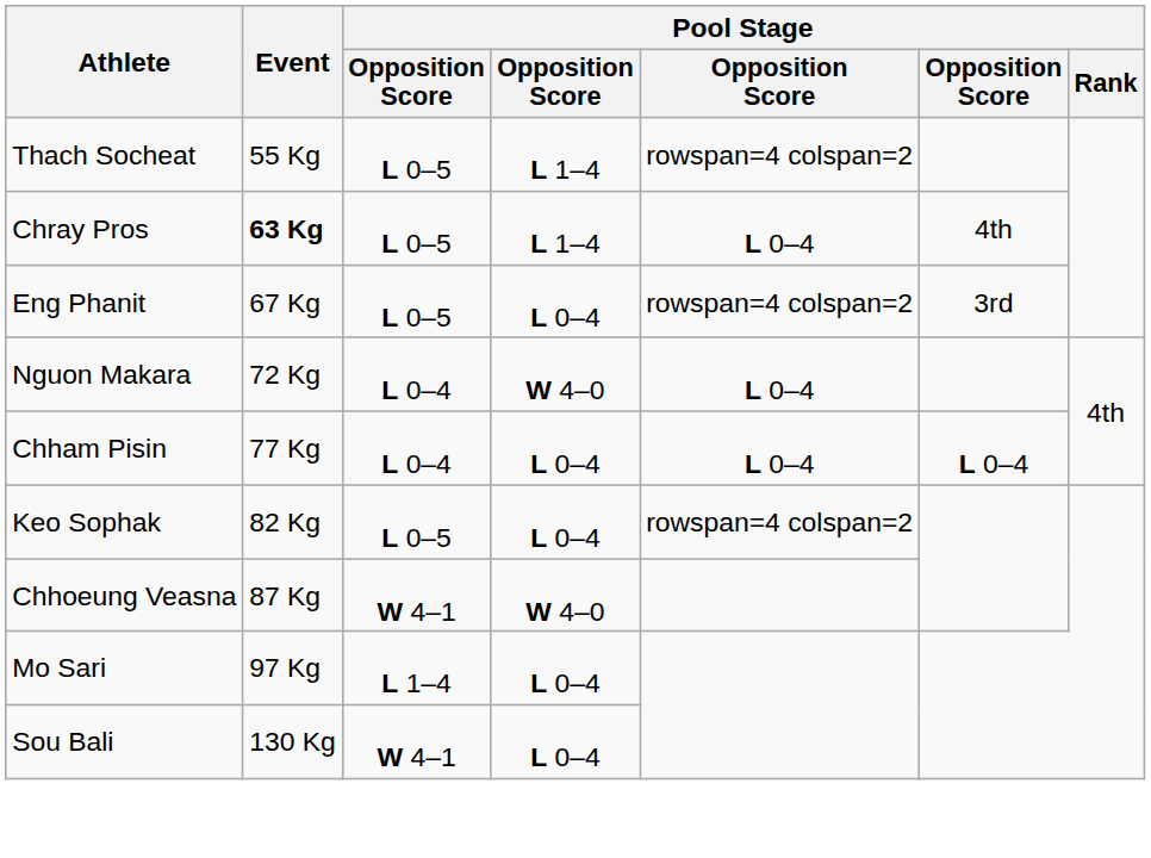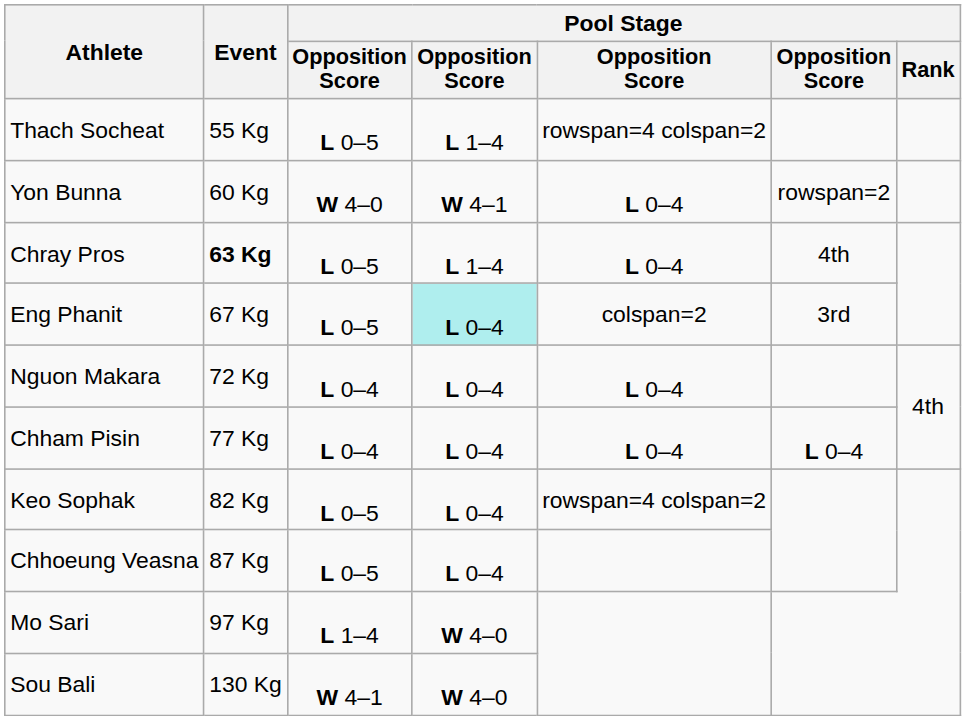 <table class="wikitable" style="font-size:90%">
 <tr>
 <th rowspan=2>Athlete</th>
 <th rowspan=2>Event</th>
 <th colspan=5>Pool Stage</th>
 </tr>
 <tr style="font-size:95%">
 <th>Opposition<br>Score</th>
 <th>Opposition<br>Score</th>
 <th>Opposition<br>Score</th>
 <th>Opposition<br>Score</th>
 <th>Rank</th>
 </tr>
 <tr align=center>
 <td align=left>Thach Socheat</td>
 <td align=left>55 Kg</td>
 <td><br><strong>L</strong> 0–5</td>
 <td><br><strong>L</strong> 1–4</td>
 <td>rowspan=4 colspan=2 </td>
 <td></td>
 </tr>
 <tr align=center>
+<td align=left>Yon Bunna</td>
+<td align=left>60 Kg</td>
+<td><br><strong>W</strong> 4–0</td>
+<td><br><strong>W</strong> 4–1</td>
+<td><br><strong>L</strong> 0–4</td>
+<td>rowspan=2 </td>
+<td></td>
+</tr>
+<tr align=center>
 <td align=left>Chray Pros</td>
 <td align=left><strong>63 Kg</strong></td>
 <td><br><strong>L</strong> 0–5</td>
 <td><br><strong>L</strong> 1–4</td>
 <td><br><strong>L</strong> 0–4</td>
 <td>4th</td>
 </tr>
 <tr align=center>
 <td align=left>Eng Phanit</td>
 <td align=left>67 Kg</td>
 <td><br><strong>L</strong> 0–5</td>
-<td><br><strong>L</strong> 0–4</td>
-<td>rowspan=4 colspan=2 </td>
+<td style="background: paleturquoise;"><br><strong>L</strong> 0–4</td>
+<td>colspan=2 </td>
 <td>3rd</td>
 </tr>
 <tr align=center>
 <td align=left>Nguon Makara</td>
 <td align=left>72 Kg</td>
 <td><br><strong>L</strong> 0–4</td>
-<td><br><strong>W</strong> 4–0</td>
+<td><br><strong>L</strong> 0–4</td>
 <td><br><strong>L</strong> 0–4</td>
 <td></td>
 <td rowspan=2>4th</td>
 </tr>
 <tr align=center>
 <td align=left>Chham Pisin</td>
 <td align=left>77 Kg</td>
 <td><br><strong>L</strong> 0–4</td>
 <td><br><strong>L</strong> 0–4</td>
 <td><br><strong>L</strong> 0–4</td>
 <td><br><strong>L</strong> 0–4</td>
 </tr>
 <tr align=center>
 <td align=left>Keo Sophak</td>
 <td align=left>82 Kg</td>
 <td><br><strong>L</strong> 0–5</td>
 <td><br><strong>L</strong> 0–4</td>
 <td>rowspan=4 colspan=2 </td>
 <td rowspan=2></td>
 </tr>
 <tr align=center>
 <td align=left>Chhoeung Veasna</td>
 <td align=left>87 Kg</td>
-<td><br><strong>W</strong> 4–1</td>
-<td><br><strong>W</strong> 4–0</td>
+<td><br><strong>L</strong> 0–5</td>
+<td><br><strong>L</strong> 0–4</td>
 </tr>
 <tr align=center>
 <td align=left>Mo Sari</td>
 <td align=left>97 Kg</td>
 <td><br><strong>L</strong> 1–4</td>
-<td><br><strong>L</strong> 0–4</td>
+<td><br><strong>W</strong> 4–0</td>
 <td rowspan=2></td>
 </tr>
 <tr align=center>
 <td align=left>Sou Bali</td>
 <td align=left>130 Kg</td>
 <td><br><strong>W</strong> 4–1</td>
-<td><br><strong>L</strong> 0–4</td>
+<td><br><strong>W</strong> 4–0</td>
 </tr>
 </table>
